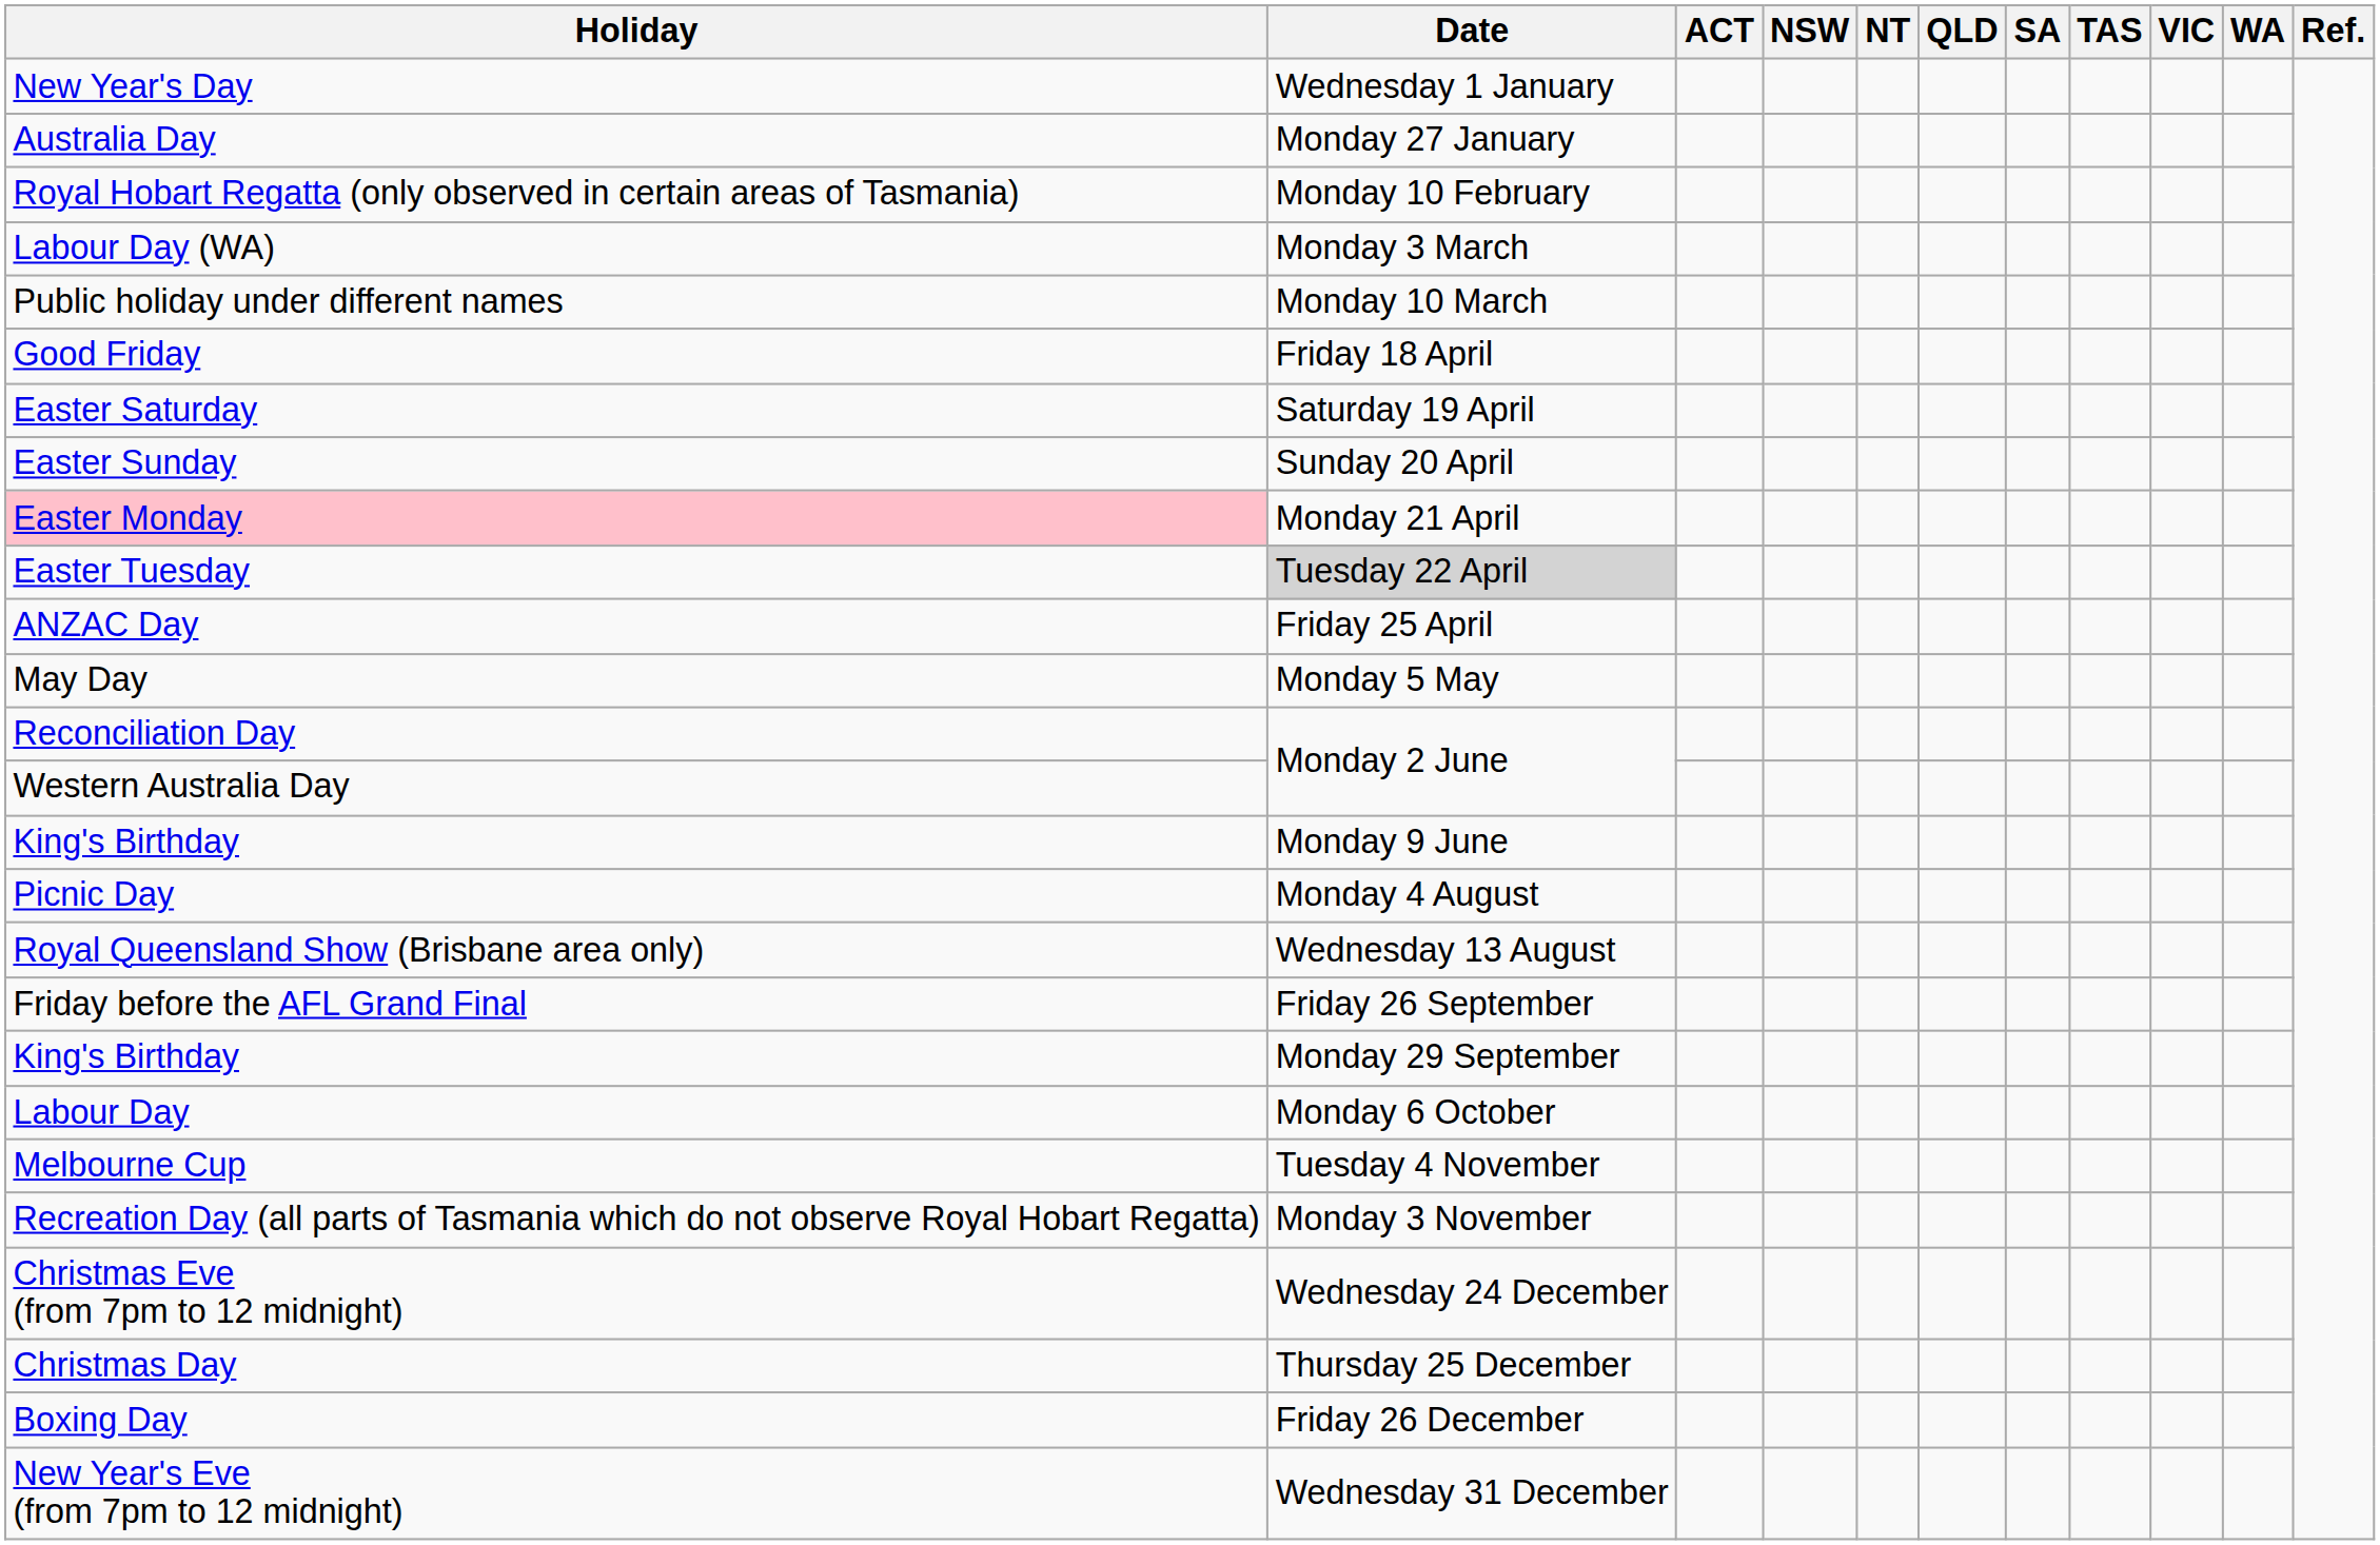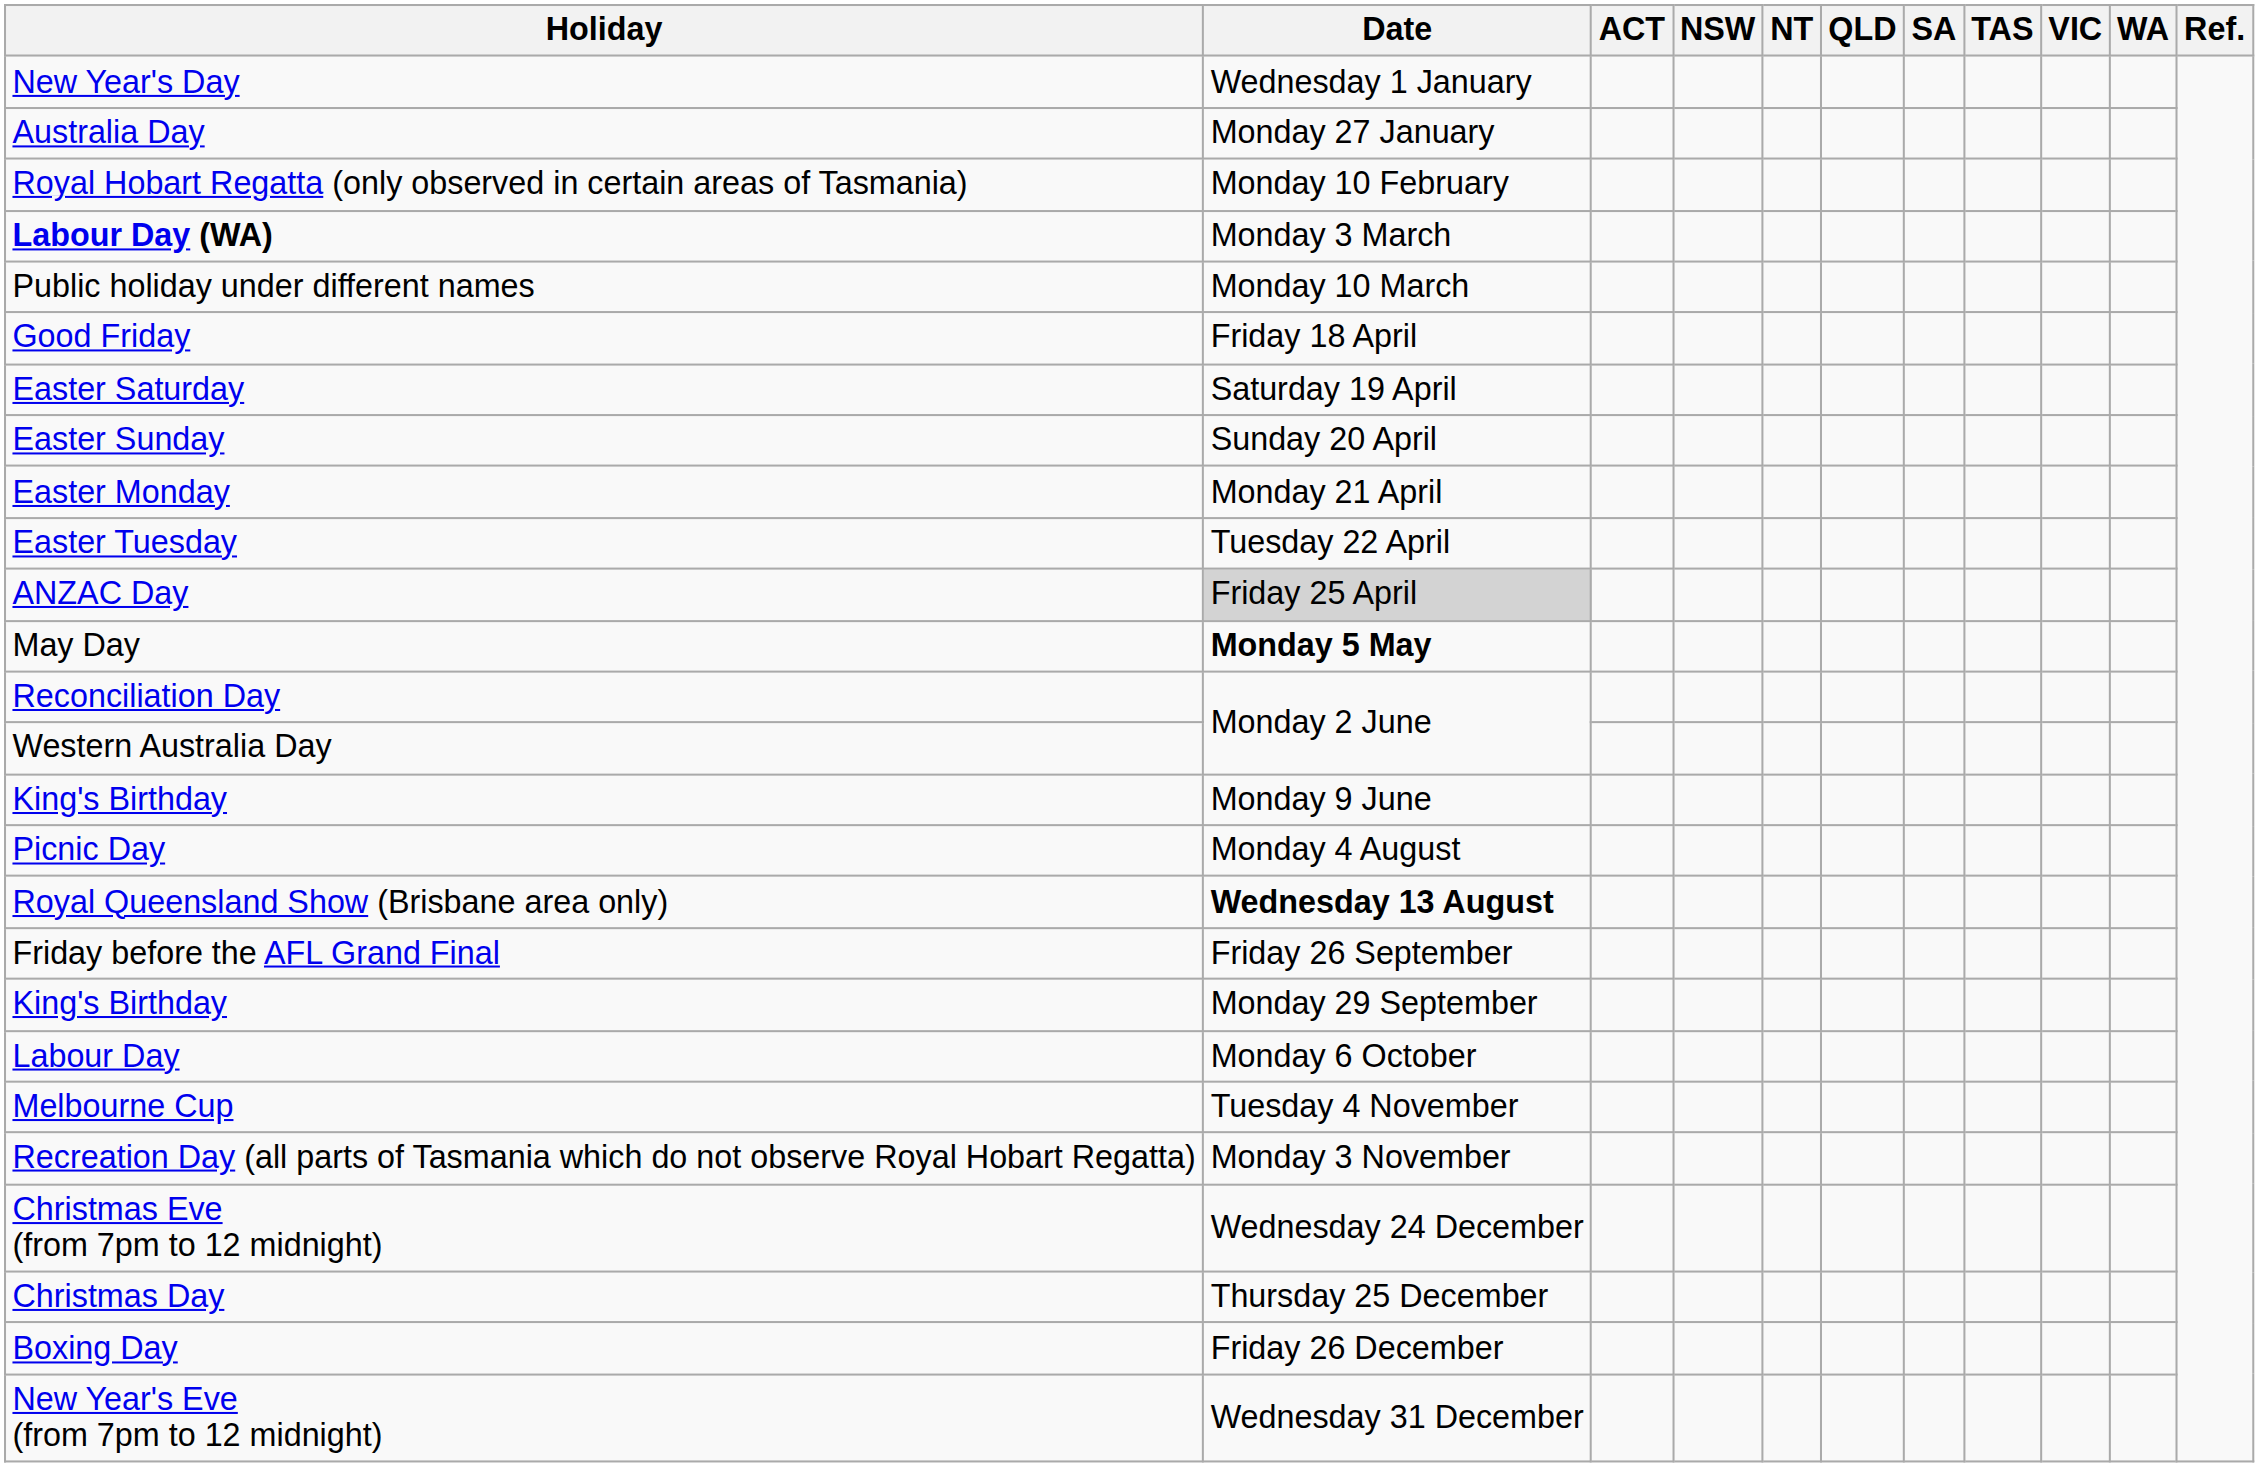 <table class="wikitable">
 <tr>
 <th>Holiday</th>
 <th>Date</th>
 <th>ACT</th>
 <th>NSW</th>
 <th>NT</th>
 <th>QLD</th>
 <th>SA</th>
 <th>TAS</th>
 <th>VIC</th>
 <th>WA</th>
 <th>Ref.</th>
 </tr>
 <tr>
 <td><a href='#'>New Year's Day</a></td>
 <td>Wednesday 1 January</td>
 <td></td>
 <td></td>
 <td></td>
 <td></td>
 <td></td>
 <td></td>
 <td></td>
 <td></td>
 <td rowspan="27"></td>
 </tr>
 <tr>
 <td><a href='#'>Australia Day</a></td>
 <td>Monday 27 January</td>
 <td></td>
 <td></td>
 <td></td>
 <td></td>
 <td></td>
 <td></td>
 <td></td>
 <td></td>
 </tr>
 <tr>
 <td><a href='#'>Royal Hobart Regatta</a> (only observed in certain areas of Tasmania)</td>
 <td>Monday 10 February</td>
 <td></td>
 <td></td>
 <td></td>
 <td></td>
 <td></td>
 <td></td>
 <td></td>
 <td></td>
 </tr>
 <tr>
-<td><a href='#'>Labour Day</a> (WA)</td>
+<td><strong><a href='#'>Labour Day</a> (WA)</strong></td>
 <td>Monday 3 March</td>
 <td></td>
 <td></td>
 <td></td>
 <td></td>
 <td></td>
 <td></td>
 <td></td>
 <td></td>
 </tr>
 <tr>
 <td>Public holiday under different names</td>
 <td>Monday 10 March</td>
 <td></td>
 <td></td>
 <td></td>
 <td></td>
 <td></td>
 <td></td>
 <td></td>
 <td></td>
 </tr>
 <tr>
 <td><a href='#'>Good Friday</a></td>
 <td>Friday 18 April</td>
 <td></td>
 <td></td>
 <td></td>
 <td></td>
 <td></td>
 <td></td>
 <td></td>
 <td></td>
 </tr>
 <tr>
 <td><a href='#'>Easter Saturday</a></td>
 <td>Saturday 19 April</td>
 <td></td>
 <td></td>
 <td></td>
 <td></td>
 <td></td>
 <td></td>
 <td></td>
 <td></td>
 </tr>
 <tr>
 <td><a href='#'>Easter Sunday</a></td>
 <td>Sunday 20 April</td>
 <td></td>
 <td></td>
 <td></td>
 <td></td>
 <td></td>
 <td></td>
 <td></td>
 <td></td>
 </tr>
 <tr>
-<td style="background: pink;"><a href='#'>Easter Monday</a></td>
+<td><a href='#'>Easter Monday</a></td>
 <td>Monday 21 April</td>
 <td></td>
 <td></td>
 <td></td>
 <td></td>
 <td></td>
 <td></td>
 <td></td>
 <td></td>
 </tr>
 <tr>
 <td><a href='#'>Easter Tuesday</a></td>
-<td style="background: lightgrey;">Tuesday 22 April</td>
+<td>Tuesday 22 April</td>
 <td></td>
 <td></td>
 <td></td>
 <td></td>
 <td></td>
 <td></td>
 <td></td>
 <td></td>
 </tr>
 <tr>
 <td><a href='#'>ANZAC Day</a></td>
-<td>Friday 25 April</td>
+<td style="background: lightgrey;">Friday 25 April</td>
 <td></td>
 <td></td>
 <td></td>
 <td></td>
 <td></td>
 <td></td>
 <td></td>
 <td></td>
 </tr>
 <tr>
 <td>May Day</td>
-<td>Monday 5 May</td>
+<td><strong>Monday 5 May</strong></td>
 <td></td>
 <td></td>
 <td></td>
 <td></td>
 <td></td>
 <td></td>
 <td></td>
 <td></td>
 </tr>
 <tr>
 <td><a href='#'>Reconciliation Day</a></td>
 <td rowspan=2>Monday 2 June</td>
 <td></td>
 <td></td>
 <td></td>
 <td></td>
 <td></td>
 <td></td>
 <td></td>
 <td></td>
 </tr>
 <tr>
 <td>Western Australia Day</td>
 <td></td>
 <td></td>
 <td></td>
 <td></td>
 <td></td>
 <td></td>
 <td></td>
 <td></td>
 </tr>
 <tr>
 <td><a href='#'>King's Birthday</a></td>
 <td>Monday 9 June</td>
 <td></td>
 <td></td>
 <td></td>
 <td></td>
 <td></td>
 <td></td>
 <td></td>
 <td></td>
 </tr>
 <tr>
 <td><a href='#'>Picnic Day</a></td>
 <td>Monday 4 August</td>
 <td></td>
 <td></td>
 <td></td>
 <td></td>
 <td></td>
 <td></td>
 <td></td>
 <td></td>
 </tr>
 <tr>
 <td><a href='#'>Royal Queensland Show</a> (Brisbane area only)</td>
-<td>Wednesday 13 August</td>
+<td><strong>Wednesday 13 August</strong></td>
 <td></td>
 <td></td>
 <td></td>
 <td></td>
 <td></td>
 <td></td>
 <td></td>
 <td></td>
 </tr>
 <tr>
 <td>Friday before the <a href='#'>AFL Grand Final</a></td>
 <td>Friday 26 September</td>
 <td></td>
 <td></td>
 <td></td>
 <td></td>
 <td></td>
 <td></td>
 <td></td>
 <td></td>
 </tr>
 <tr>
 <td><a href='#'>King's Birthday</a></td>
 <td>Monday 29 September</td>
 <td></td>
 <td></td>
 <td></td>
 <td></td>
 <td></td>
 <td></td>
 <td></td>
 <td></td>
 </tr>
 <tr>
 <td><a href='#'>Labour Day</a></td>
 <td>Monday 6 October</td>
 <td></td>
 <td></td>
 <td></td>
 <td></td>
 <td></td>
 <td></td>
 <td></td>
 <td></td>
 </tr>
 <tr>
 <td><a href='#'>Melbourne Cup</a></td>
 <td>Tuesday 4 November</td>
 <td></td>
 <td></td>
 <td></td>
 <td></td>
 <td></td>
 <td></td>
 <td></td>
 <td></td>
 </tr>
 <tr>
 <td><a href='#'>Recreation Day</a> (all parts of Tasmania which do not observe Royal Hobart Regatta)</td>
 <td>Monday 3 November</td>
 <td></td>
 <td></td>
 <td></td>
 <td></td>
 <td></td>
 <td></td>
 <td></td>
 <td></td>
 </tr>
 <tr>
 <td><a href='#'>Christmas Eve</a><br>(from 7pm to 12 midnight)</td>
 <td>Wednesday 24 December</td>
 <td></td>
 <td></td>
 <td></td>
 <td></td>
 <td></td>
 <td></td>
 <td></td>
 <td></td>
 </tr>
 <tr>
 <td><a href='#'>Christmas Day</a></td>
 <td>Thursday 25 December</td>
 <td></td>
 <td></td>
 <td></td>
 <td></td>
 <td></td>
 <td></td>
 <td></td>
 <td></td>
 </tr>
 <tr>
 <td><a href='#'>Boxing Day</a></td>
 <td>Friday 26 December</td>
 <td></td>
 <td></td>
 <td></td>
 <td></td>
 <td></td>
 <td></td>
 <td></td>
 <td></td>
 </tr>
 <tr>
 <td><a href='#'>New Year's Eve</a><br>(from 7pm to 12 midnight)</td>
 <td>Wednesday 31 December</td>
 <td></td>
 <td></td>
 <td></td>
 <td></td>
 <td></td>
 <td></td>
 <td></td>
 <td></td>
 </tr>
 </table>
